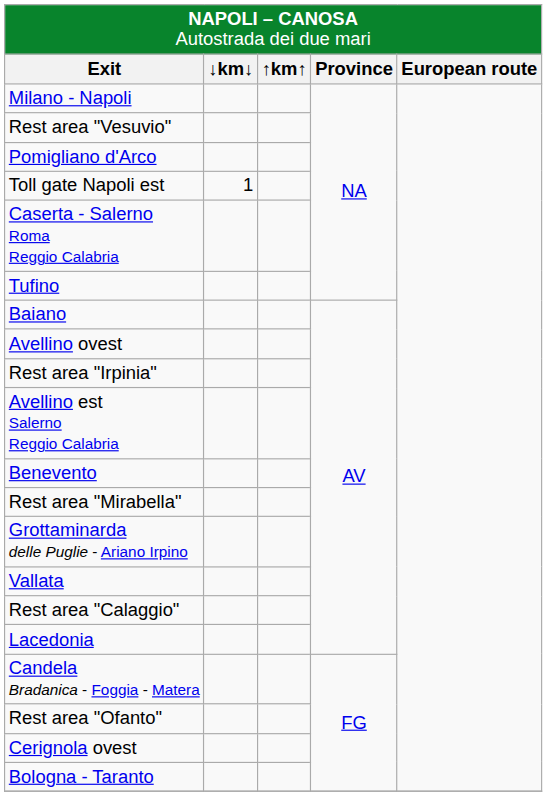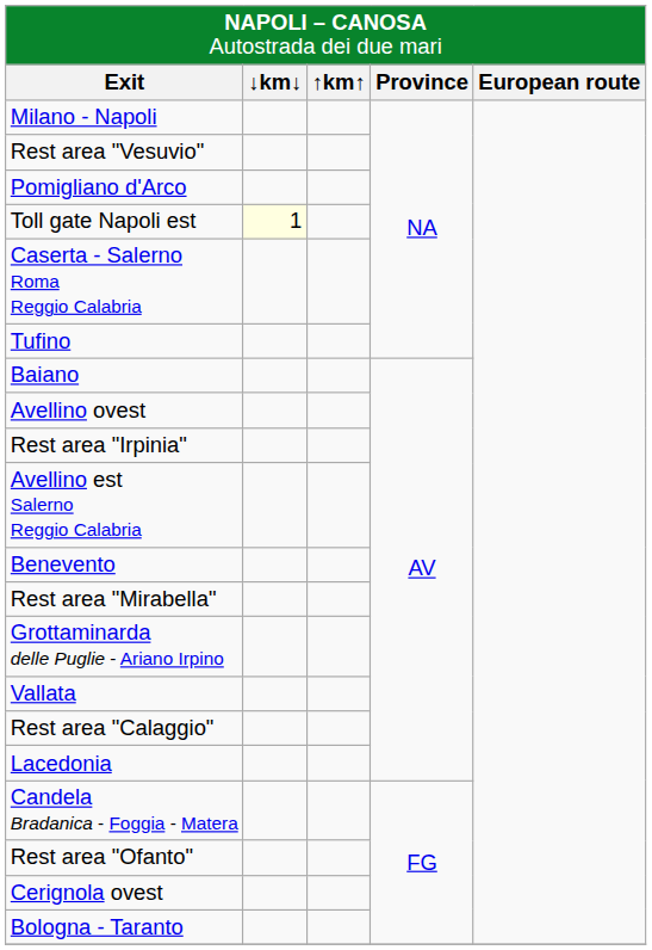 <table class="wikitable">
 <tr align="center" style="color: white;" bgcolor="#08842c">
 <td colspan="6"><strong> NAPOLI – CANOSA</strong><br>Autostrada dei due mari</td>
 </tr>
 <tr>
 <th><strong>Exit</strong></th>
 <th align="center"><strong>↓km↓</strong></th>
 <th align="center"><strong>↑km↑</strong></th>
 <th align="center"><strong>Province</strong></th>
 <th align="center"><strong>European route</strong></th>
 </tr>
 <tr>
 <td>   <a href='#'>Milano - Napoli</a></td>
 <td align="right"></td>
 <td align="right"></td>
 <td align="center" rowspan=6><a href='#'>NA</a></td>
 <td align="center" rowspan=20></td>
 </tr>
 <tr>
 <td> Rest area "Vesuvio"</td>
 <td align="right"></td>
 <td align="right"></td>
 </tr>
 <tr>
 <td> <a href='#'>Pomigliano d'Arco</a></td>
 <td align="right"></td>
 <td align="right"></td>
 </tr>
 <tr>
 <td> Toll gate Napoli est</td>
-<td align="right">1</td>
+<td align="right" style="background: lightyellow;">1</td>
 <td align="right"></td>
 </tr>
 <tr>
 <td> <small></small> <a href='#'>Caserta - Salerno</a><br><small> <a href='#'>Roma</a></small><br><small> <a href='#'>Reggio Calabria</a></small></td>
 <td align="right"></td>
 <td align="right"></td>
 </tr>
 <tr>
 <td> <a href='#'>Tufino</a></td>
 <td align="right"></td>
 <td align="right"></td>
 </tr>
 <tr>
 <td> <a href='#'>Baiano</a></td>
 <td align="right"></td>
 <td align="right"></td>
 <td align="center" rowspan=10><a href='#'>AV</a></td>
 </tr>
 <tr>
 <td> <a href='#'>Avellino</a> ovest</td>
 <td align="right"></td>
 <td align="right"></td>
 </tr>
 <tr>
 <td> Rest area "Irpinia"</td>
 <td align="right"></td>
 <td align="right"></td>
 </tr>
 <tr>
 <td> <a href='#'>Avellino</a> est<br><small>  <a href='#'>Salerno</a></small><br><small> <a href='#'>Reggio Calabria</a></small></td>
 <td align="right"></td>
 <td align="right"></td>
 </tr>
 <tr>
 <td>  <a href='#'>Benevento</a></td>
 <td align="right"></td>
 <td align="right"></td>
 </tr>
 <tr>
 <td> Rest area "Mirabella"</td>
 <td align="right"></td>
 <td align="right"></td>
 </tr>
 <tr>
 <td> <a href='#'>Grottaminarda</a><br><small> <em>delle Puglie</em> - <a href='#'>Ariano Irpino</a></small></td>
 <td align="right"></td>
 <td align="right"></td>
 </tr>
 <tr>
 <td> <a href='#'>Vallata</a></td>
 <td align="right"></td>
 <td align="right"></td>
 </tr>
 <tr>
 <td> Rest area "Calaggio"</td>
 <td align="right"></td>
 <td align="right"></td>
 </tr>
 <tr>
 <td> <a href='#'>Lacedonia</a></td>
 <td align="right"></td>
 <td align="right"></td>
 </tr>
 <tr>
 <td> <a href='#'>Candela</a><br><small> <em>Bradanica</em> - <a href='#'>Foggia</a> - <a href='#'>Matera</a></small></td>
 <td align="right"></td>
 <td align="right"></td>
 <td align="center" rowspan=4><a href='#'>FG</a></td>
 </tr>
 <tr>
 <td> Rest area "Ofanto"</td>
 <td align="right"></td>
 <td align="right"></td>
 </tr>
 <tr>
 <td> <a href='#'>Cerignola</a> ovest</td>
 <td align="right"></td>
 <td align="right"></td>
 </tr>
 <tr>
 <td>   <a href='#'>Bologna - Taranto</a></td>
 <td align="right"></td>
 <td align="right"></td>
 </tr>
 <tr>
 </tr>
 </table>
